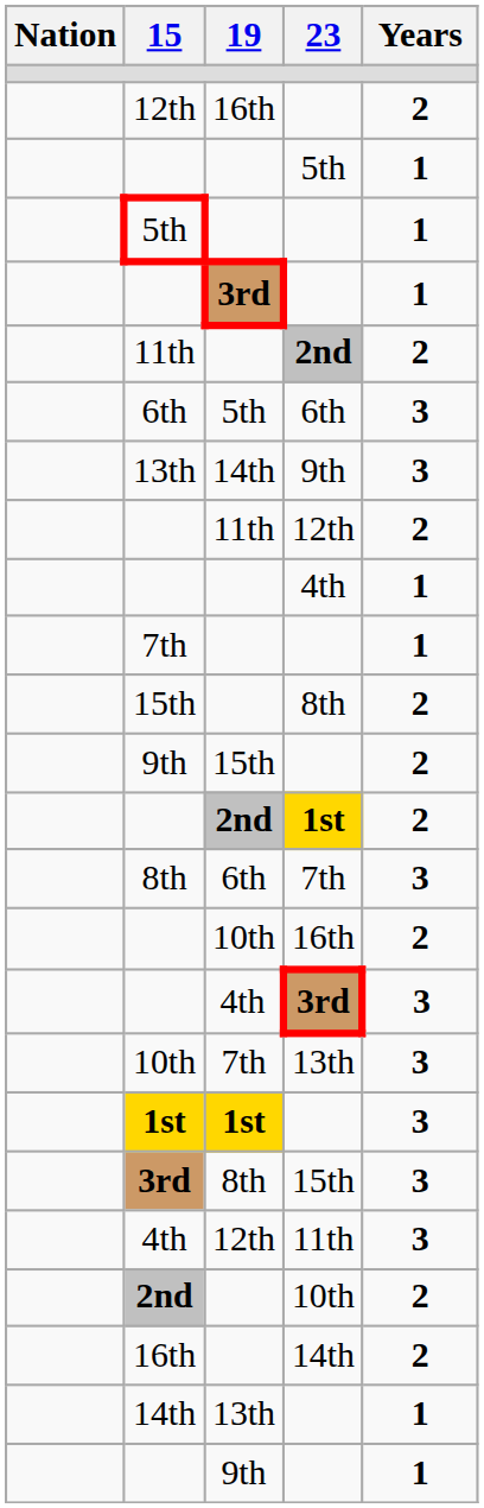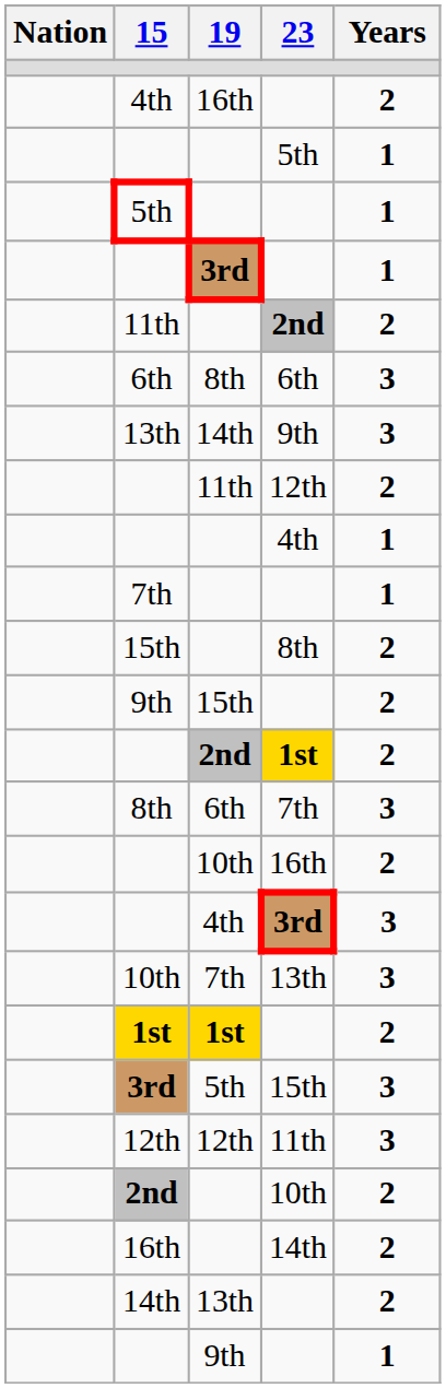 <table class="wikitable sortable" style="text-align:center; font-size:90%">
 <tr>
 <th>Nation</th>
 <th width=20><a href='#'>15</a></th>
 <th width=20><a href='#'>19</a></th>
 <th width=20><a href='#'>23</a></th>
 <th width=40>Years</th>
 </tr>
 <tr bgcolor=#DDDDDD>
 <td colspan=5></td>
 </tr>
 <tr>
 <td align="left"></td>
-<td>12th</td>
+<td>4th</td>
 <td>16th</td>
 <td></td>
 <td><strong>2</strong></td>
 </tr>
 <tr>
 <td align="left"></td>
 <td></td>
 <td></td>
 <td>5th</td>
 <td><strong>1</strong></td>
 </tr>
 <tr>
 <td align="left"></td>
 <td style="border: 3px solid red">5th</td>
 <td></td>
 <td></td>
 <td><strong>1</strong></td>
 </tr>
 <tr>
 <td align="left"></td>
 <td></td>
 <td style="border: 3px solid red" bgcolor="#CC9966"><strong>3rd</strong></td>
 <td></td>
 <td><strong>1</strong></td>
 </tr>
 <tr>
 <td align="left"></td>
 <td>11th</td>
 <td></td>
 <td bgcolor="silver"><strong>2nd</strong></td>
 <td><strong>2</strong></td>
 </tr>
 <tr>
 <td align="left"></td>
 <td>6th</td>
-<td>5th</td>
+<td>8th</td>
 <td>6th</td>
 <td><strong>3</strong></td>
 </tr>
 <tr>
 <td align="left"></td>
 <td>13th</td>
 <td>14th</td>
 <td>9th</td>
 <td><strong>3</strong></td>
 </tr>
 <tr>
 <td align="left"></td>
 <td></td>
 <td>11th</td>
 <td>12th</td>
 <td><strong>2</strong></td>
 </tr>
 <tr>
 <td align="left"></td>
 <td></td>
 <td></td>
 <td>4th</td>
 <td><strong>1</strong></td>
 </tr>
 <tr>
 <td align="left"></td>
 <td>7th</td>
 <td></td>
 <td></td>
 <td><strong>1</strong></td>
 </tr>
 <tr>
 <td align="left"></td>
 <td>15th</td>
 <td></td>
 <td>8th</td>
 <td><strong>2</strong></td>
 </tr>
 <tr>
 <td align="left"></td>
 <td>9th</td>
 <td>15th</td>
 <td></td>
 <td><strong>2</strong></td>
 </tr>
 <tr>
 <td align="left"></td>
 <td></td>
 <td bgcolor="silver"><strong>2nd</strong></td>
 <td bgcolor="gold"><strong>1st</strong></td>
 <td><strong>2</strong></td>
 </tr>
 <tr>
 <td align="left"></td>
 <td>8th</td>
 <td>6th</td>
 <td>7th</td>
 <td><strong>3</strong></td>
 </tr>
 <tr>
 <td align="left"></td>
 <td></td>
 <td>10th</td>
 <td>16th</td>
 <td><strong>2</strong></td>
 </tr>
 <tr>
 <td align="left"></td>
 <td></td>
 <td>4th</td>
 <td style="border: 3px solid red" bgcolor="#CC9966"><strong>3rd</strong></td>
 <td><strong>3</strong></td>
 </tr>
 <tr>
 <td align="left"></td>
 <td>10th</td>
 <td>7th</td>
 <td>13th</td>
 <td><strong>3</strong></td>
 </tr>
 <tr>
 <td align="left"></td>
 <td bgcolor="gold"><strong>1st</strong></td>
 <td bgcolor="gold"><strong>1st</strong></td>
 <td></td>
-<td><strong>3</strong></td>
+<td><strong>2</strong></td>
 </tr>
 <tr>
 <td align="left"></td>
 <td bgcolor="#CC9966"><strong>3rd</strong></td>
-<td>8th</td>
+<td>5th</td>
 <td>15th</td>
 <td><strong>3</strong></td>
 </tr>
 <tr>
 <td align="left"></td>
-<td>4th</td>
+<td>12th</td>
 <td>12th</td>
 <td>11th</td>
 <td><strong>3</strong></td>
 </tr>
 <tr>
 <td align="left"></td>
 <td bgcolor="silver"><strong>2nd</strong></td>
 <td></td>
 <td>10th</td>
 <td><strong>2</strong></td>
 </tr>
 <tr>
 <td align="left"></td>
 <td>16th</td>
 <td></td>
 <td>14th</td>
 <td><strong>2</strong></td>
 </tr>
 <tr>
 <td align="left"></td>
 <td>14th</td>
 <td>13th</td>
 <td></td>
-<td><strong>1</strong></td>
+<td><strong>2</strong></td>
 </tr>
 <tr>
 <td align="left"></td>
 <td></td>
 <td>9th</td>
 <td></td>
 <td><strong>1</strong></td>
 </tr>
 <tr>
 </tr>
 </table>
